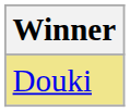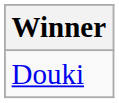 <table class="wikitable">
 <tr>
 <th>Winner</th>
 </tr>
 <tr>
-<td style="background: khaki;"><a href='#'>Douki</a></td>
+<td><a href='#'>Douki</a></td>
 </tr>
 </table>
